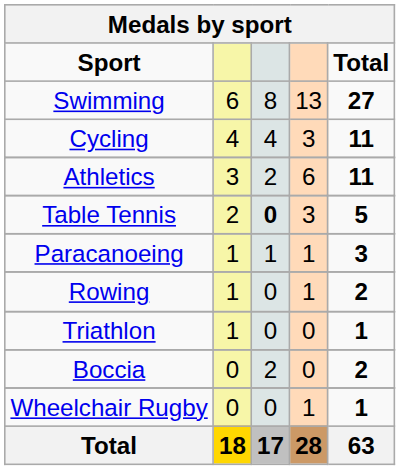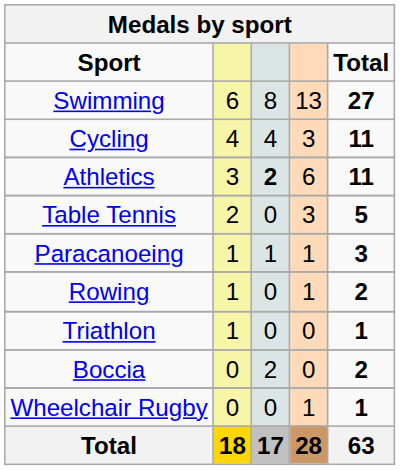 <table class="wikitable" style="font-size:95%">
 <tr style="background:#efefef;">
 <th colspan=5>Medals by sport</th>
 </tr>
 <tr style="text-align:center;">
 <td><strong>Sport</strong></td>
 <td bgcolor=#f7f6a8></td>
 <td bgcolor=#dce5e5></td>
 <td bgcolor=#ffdab9></td>
 <td><strong>Total</strong></td>
 </tr>
 <tr style="text-align:center;">
 <td><a href='#'>Swimming</a></td>
 <td style="background:#F7F6A8;">6</td>
 <td style="background:#DCE5E5;">8</td>
 <td style="background:#FFDAB9;">13</td>
 <td><strong>27</strong></td>
 </tr>
 <tr style="text-align:center;">
 <td><a href='#'>Cycling</a></td>
 <td style="background:#F7F6A8;">4</td>
 <td style="background:#DCE5E5;">4</td>
 <td style="background:#FFDAB9;">3</td>
 <td><strong>11</strong></td>
 </tr>
 <tr>
 </tr>
 <tr style="text-align:center;">
 <td><a href='#'>Athletics</a></td>
 <td style="background:#F7F6A8;">3</td>
-<td style="background:#DCE5E5;">2</td>
+<td style="background:#DCE5E5;"><strong>2</strong></td>
 <td style="background:#FFDAB9;">6</td>
 <td><strong>11</strong></td>
 </tr>
 <tr>
 </tr>
 <tr style="text-align:center;">
 <td><a href='#'>Table Tennis</a></td>
 <td style="background:#F7F6A8;">2</td>
-<td style="background:#DCE5E5;"><strong>0</strong></td>
+<td style="background:#DCE5E5;">0</td>
 <td style="background:#FFDAB9;">3</td>
 <td><strong>5</strong></td>
 </tr>
 <tr>
 </tr>
 <tr style="text-align:center;">
 <td><a href='#'>Paracanoeing</a></td>
 <td style="background:#F7F6A8;">1</td>
 <td style="background:#DCE5E5;">1</td>
 <td style="background:#FFDAB9;">1</td>
 <td><strong>3</strong></td>
 </tr>
 <tr>
 </tr>
 <tr style="text-align:center;">
 <td><a href='#'>Rowing</a></td>
 <td style="background:#F7F6A8;">1</td>
 <td style="background:#DCE5E5;">0</td>
 <td style="background:#FFDAB9;">1</td>
 <td><strong>2</strong></td>
 </tr>
 <tr>
 </tr>
 <tr style="text-align:center;">
 <td><a href='#'>Triathlon</a></td>
 <td style="background:#F7F6A8;">1</td>
 <td style="background:#DCE5E5;">0</td>
 <td style="background:#FFDAB9;">0</td>
 <td><strong>1</strong></td>
 </tr>
 <tr>
 </tr>
 <tr style="text-align:center;">
 <td><a href='#'>Boccia</a></td>
 <td style="background:#F7F6A8;">0</td>
 <td style="background:#DCE5E5;">2</td>
 <td style="background:#FFDAB9;">0</td>
 <td><strong>2</strong></td>
 </tr>
 <tr>
 </tr>
 <tr style="text-align:center;">
 <td><a href='#'>Wheelchair Rugby</a></td>
 <td style="background:#F7F6A8;">0</td>
 <td style="background:#DCE5E5;">0</td>
 <td style="background:#FFDAB9;">1</td>
 <td><strong>1</strong></td>
 </tr>
 <tr>
 <th>Total</th>
 <th style="background:gold;">18</th>
 <th style="background:silver;">17</th>
 <th style="background:#c96;">28</th>
 <th><strong>63</strong></th>
 </tr>
 </table>
